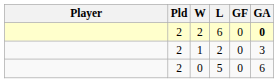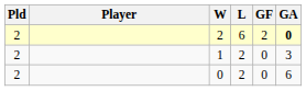 <table class=wikitable style="text-align:center">
 <tr>
+<th width=20>Pld</th>
 <th width=220>Player</th>
-<th width=20>Pld</th>
 <th width=20>W</th>
 <th width=20>L</th>
 <th width=20>GF</th>
 <th width=20>GA</th>
 </tr>
 <tr bgcolor=#ffffcc>
+<td>2</td>
 <td align=left></td>
 <td>2</td>
+<td>6</td>
 <td>2</td>
-<td>6</td>
-<td>0</td>
 <td><strong>0</strong></td>
 </tr>
 <tr>
+<td>2</td>
 <td align=left></td>
-<td>2</td>
 <td>1</td>
 <td>2</td>
 <td>0</td>
 <td>3</td>
 </tr>
 <tr>
+<td>2</td>
 <td align=left></td>
+<td>0</td>
 <td>2</td>
-<td>0</td>
-<td>5</td>
 <td>0</td>
 <td>6</td>
 </tr>
 </table>
